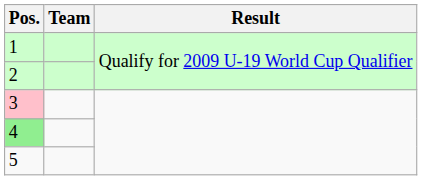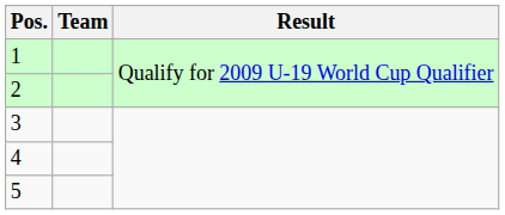 <table class="wikitable">
 <tr>
 <th>Pos.</th>
 <th>Team</th>
 <th>Result</th>
 </tr>
 <tr bgcolor="#ccffcc">
 <td>1</td>
 <td></td>
 <td rowspan=2>Qualify for <a href='#'>2009 U-19 World Cup Qualifier</a></td>
 </tr>
 <tr bgcolor="#ccffcc">
 <td>2</td>
 <td></td>
 </tr>
 <tr>
-<td style="background: pink;">3</td>
+<td>3</td>
 <td></td>
 <td rowspan=3></td>
 </tr>
 <tr>
-<td style="background: lightgreen;">4</td>
+<td>4</td>
 <td></td>
 </tr>
 <tr>
 <td>5</td>
 <td></td>
 </tr>
 </table>
